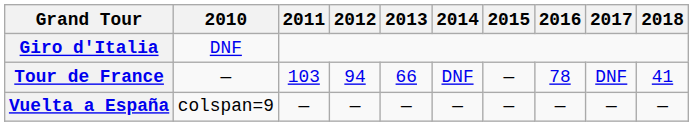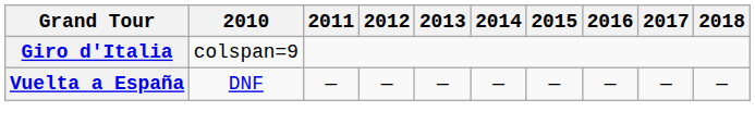 <table class="wikitable plainrowheaders">
 <tr>
 <th>Grand Tour</th>
 <th scope="col">2010</th>
 <th scope="col">2011</th>
 <th scope="col">2012</th>
 <th scope="col">2013</th>
 <th scope="col">2014</th>
 <th scope="col">2015</th>
 <th scope="col">2016</th>
 <th scope="col">2017</th>
 <th scope="col">2018</th>
 </tr>
 <tr style="text-align:center;">
 <th scope="row"> <a href='#'>Giro d'Italia</a></th>
-<td><a href='#'>DNF</a></td>
-</tr>
-<tr style="text-align:center;">
-<th scope="row"> <a href='#'>Tour de France</a></th>
-<td>—</td>
-<td><a href='#'>103</a></td>
-<td><a href='#'>94</a></td>
-<td><a href='#'>66</a></td>
-<td><a href='#'>DNF</a></td>
-<td>—</td>
-<td><a href='#'>78</a></td>
-<td><a href='#'>DNF</a></td>
-<td><a href='#'>41</a></td>
+<td>colspan=9 </td>
 </tr>
 <tr style="text-align:center;">
 <th scope="row"> <a href='#'>Vuelta a España</a></th>
-<td>colspan=9 </td>
+<td><a href='#'>DNF</a></td>
 <td>—</td>
 <td>—</td>
 <td>—</td>
 <td>—</td>
 <td>—</td>
 <td>—</td>
 <td>—</td>
 <td>—</td>
 </tr>
 </table>
